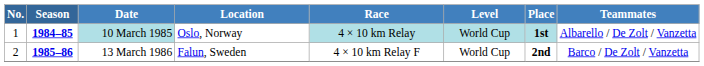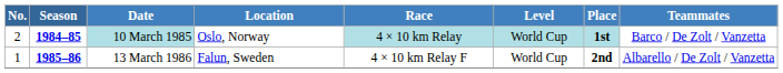 <table class="wikitable sortable" style="font-size:95%; text-align:center; border:grey solid 1px; border-collapse:collapse; background:#ffffff;">
 <tr style="background:#efefef;">
 <th style="background-color:#369; color:white;">No.</th>
 <th style="background-color:#369; color:white;">Season</th>
 <th style="background-color:#4180be; color:white; width:120px;">Date</th>
 <th style="background-color:#4180be; color:white; width:170px;">Location</th>
 <th style="background-color:#4180be; color:white; width:170px;">Race</th>
 <th style="background-color:#4180be; color:white; width:100px;">Level</th>
 <th style="background-color:#4180be; color:white;">Place</th>
 <th style="background-color:#4180be; color:white;">Teammates</th>
 </tr>
 <tr>
-<td align=center>1</td>
+<td align=center>2</td>
 <td rowspan=1 align=center><strong><a href='#'>1984–85</a></strong></td>
 <td bgcolor="#BOEOE6" align=right>10 March 1985</td>
 <td align=left> <a href='#'>Oslo</a>, Norway</td>
 <td bgcolor="#BOEOE6">4 × 10 km Relay</td>
 <td bgcolor="#BOEOE6">World Cup</td>
 <td bgcolor="#BOEOE6"><strong>1st</strong></td>
-<td><a href='#'>Albarello</a> / <a href='#'>De Zolt</a> / <a href='#'>Vanzetta</a></td>
+<td><a href='#'>Barco</a> / <a href='#'>De Zolt</a> / <a href='#'>Vanzetta</a></td>
 </tr>
 <tr>
-<td align=center>2</td>
+<td align=center>1</td>
 <td rowspan=1 align=center><strong> <a href='#'>1985–86</a> </strong></td>
 <td align=right>13 March 1986</td>
 <td align=left> <a href='#'>Falun</a>, Sweden</td>
 <td>4 × 10 km Relay F</td>
 <td>World Cup</td>
 <td><strong>2nd</strong></td>
-<td><a href='#'>Barco</a> / <a href='#'>De Zolt</a> / <a href='#'>Vanzetta</a></td>
+<td><a href='#'>Albarello</a> / <a href='#'>De Zolt</a> / <a href='#'>Vanzetta</a></td>
 </tr>
 <tr>
 </tr>
 </table>
